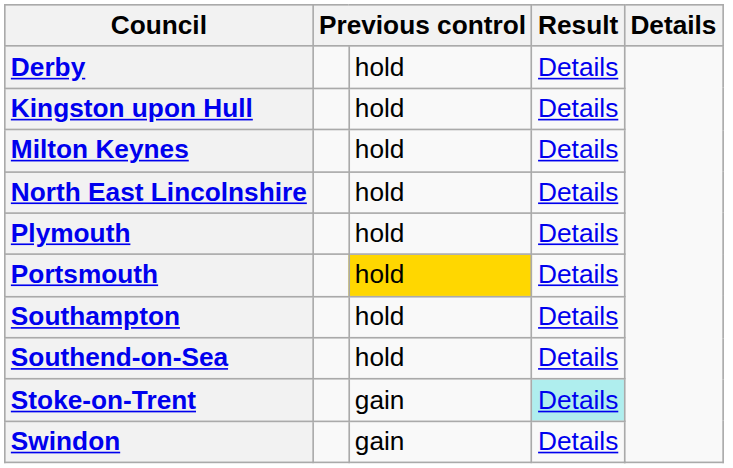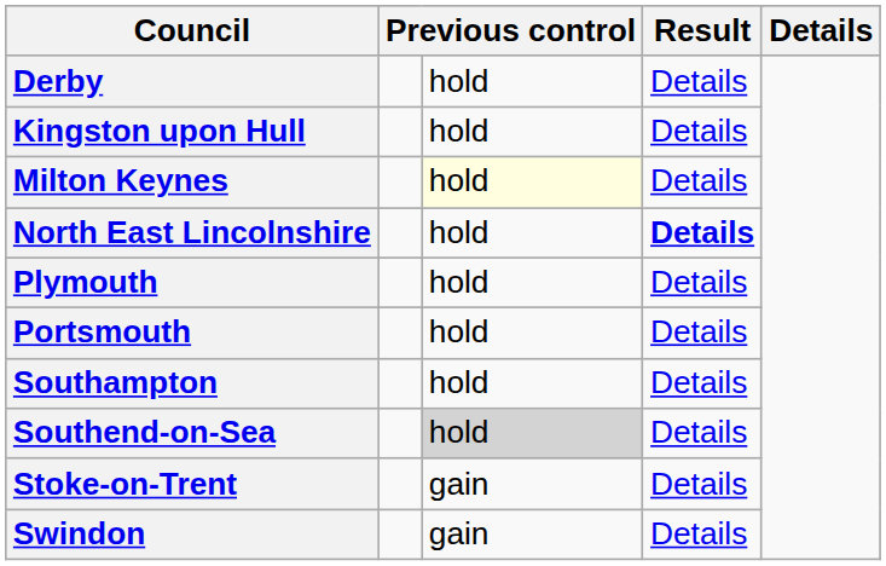 <table class="wikitable sortable" border="1">
 <tr>
 <th scope="col">Council</th>
 <th colspan=2>Previous control</th>
 <th colspan=2>Result</th>
 <th class="unsortable" scope="col">Details</th>
 </tr>
 <tr>
 <th scope="row" style="text-align: left;"><a href='#'>Derby</a></th>
 <td></td>
 <td> hold</td>
 <td><a href='#'>Details</a></td>
 </tr>
 <tr>
 <th scope="row" style="text-align: left;"><a href='#'>Kingston upon Hull</a></th>
 <td></td>
 <td> hold</td>
 <td><a href='#'>Details</a></td>
 </tr>
 <tr>
 <th scope="row" style="text-align: left;"><a href='#'>Milton Keynes</a></th>
 <td></td>
-<td> hold</td>
+<td style="background: lightyellow;"> hold</td>
 <td><a href='#'>Details</a></td>
 </tr>
 <tr>
 <th scope="row" style="text-align: left;"><a href='#'>North East Lincolnshire</a></th>
 <td></td>
 <td> hold</td>
-<td><a href='#'>Details</a></td>
+<td><strong><a href='#'>Details</a></strong></td>
 </tr>
 <tr>
 <th scope="row" style="text-align: left;"><a href='#'>Plymouth</a></th>
 <td></td>
 <td> hold</td>
 <td><a href='#'>Details</a></td>
 </tr>
 <tr>
 <th scope="row" style="text-align: left;"><a href='#'>Portsmouth</a></th>
 <td></td>
-<td style="background: gold;"> hold</td>
+<td> hold</td>
 <td><a href='#'>Details</a></td>
 </tr>
 <tr>
 <th scope="row" style="text-align: left;"><a href='#'>Southampton</a></th>
 <td></td>
 <td> hold</td>
 <td><a href='#'>Details</a></td>
 </tr>
 <tr>
 <th scope="row" style="text-align: left;"><a href='#'>Southend-on-Sea</a></th>
 <td></td>
-<td> hold</td>
+<td style="background: lightgrey;"> hold</td>
 <td><a href='#'>Details</a></td>
 </tr>
 <tr>
 <th scope="row" style="text-align: left;"><a href='#'>Stoke-on-Trent</a></th>
 <td></td>
 <td> gain</td>
-<td style="background: paleturquoise;"><a href='#'>Details</a></td>
+<td><a href='#'>Details</a></td>
 </tr>
 <tr>
 <th scope="row" style="text-align: left;"><a href='#'>Swindon</a></th>
 <td></td>
 <td> gain</td>
 <td><a href='#'>Details</a></td>
 </tr>
 </table>
